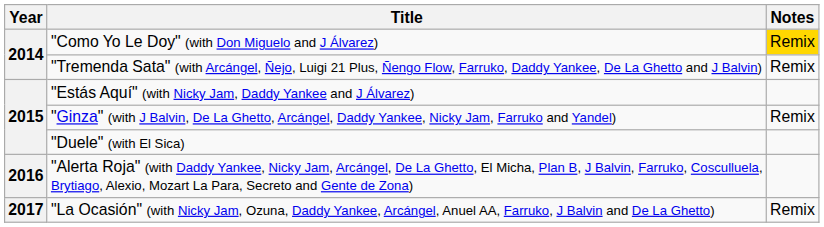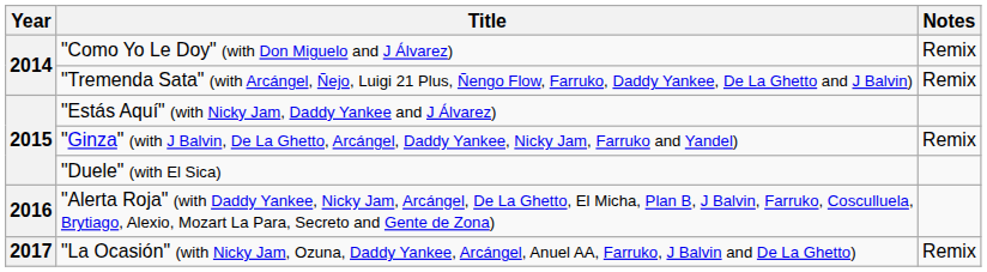 <table class="wikitable plainrowheaders" style="font-size: 13.5px">
 <tr>
 <th>Year</th>
 <th>Title</th>
 <th>Notes</th>
 </tr>
 <tr>
 <th scope="row" rowspan="2">2014</th>
 <td>"Como Yo Le Doy" <small>(with <a href='#'>Don Miguelo</a> and <a href='#'>J Álvarez</a>)</small></td>
-<td style="background: gold;">Remix</td>
+<td>Remix</td>
 </tr>
 <tr>
 <td>"Tremenda Sata" <small>(with <a href='#'>Arcángel</a>, <a href='#'>Ñejo</a>, Luigi 21 Plus, <a href='#'>Ñengo Flow</a>, <a href='#'>Farruko</a>, <a href='#'>Daddy Yankee</a>, <a href='#'>De La Ghetto</a> and <a href='#'>J Balvin</a>)</small></td>
 <td>Remix</td>
 </tr>
 <tr>
 <th scope="row" rowspan="3">2015</th>
 <td>"Estás Aquí" <small>(with <a href='#'>Nicky Jam</a>, <a href='#'>Daddy Yankee</a> and <a href='#'>J Álvarez</a>)</small></td>
 <td></td>
 </tr>
 <tr>
 <td>"<a href='#'>Ginza</a>" <small>(with <a href='#'>J Balvin</a>, <a href='#'>De La Ghetto</a>, <a href='#'>Arcángel</a>, <a href='#'>Daddy Yankee</a>, <a href='#'>Nicky Jam</a>, <a href='#'>Farruko</a> and <a href='#'>Yandel</a>)</small></td>
 <td>Remix</td>
 </tr>
 <tr>
 <td>"Duele" <small>(with El Sica)</small></td>
 <td></td>
 </tr>
 <tr>
 <th scope="row">2016</th>
 <td>"Alerta Roja" <small>(with <a href='#'>Daddy Yankee</a>, <a href='#'>Nicky Jam</a>, <a href='#'>Arcángel</a>, <a href='#'>De La Ghetto</a>, El Micha, <a href='#'>Plan B</a>, <a href='#'>J Balvin</a>, <a href='#'>Farruko</a>, <a href='#'>Cosculluela</a>,<br><a href='#'>Brytiago</a>, Alexio, Mozart La Para, Secreto and <a href='#'>Gente de Zona</a>)</small></td>
 <td></td>
 </tr>
 <tr>
 <th scope="row">2017</th>
 <td>"La Ocasión" <small>(with <a href='#'>Nicky Jam</a>, Ozuna, <a href='#'>Daddy Yankee</a>, <a href='#'>Arcángel</a>, Anuel AA, <a href='#'>Farruko</a>, <a href='#'>J Balvin</a> and <a href='#'>De La Ghetto</a>)</small></td>
 <td>Remix</td>
 </tr>
 </table>
